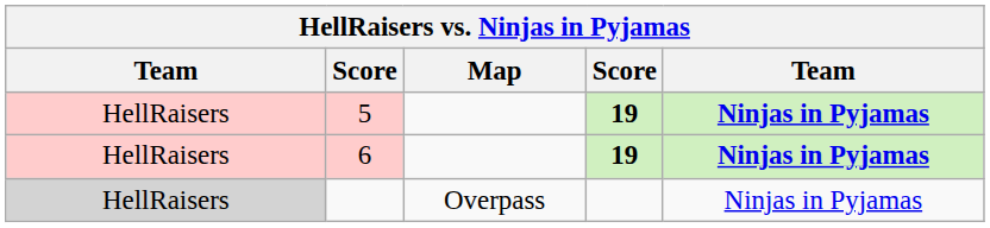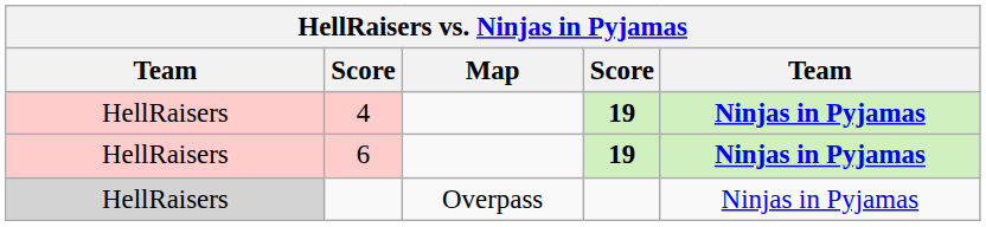 <table class="wikitable" style="text-align: center;">
 <tr>
 <th colspan=5>HellRaisers vs.   <a href='#'>Ninjas in Pyjamas</a></th>
 </tr>
 <tr>
 <th width="181px">Team</th>
 <th width="20px">Score</th>
 <th width="100px">Map</th>
 <th width="20px">Score</th>
 <th width="181px">Team</th>
 </tr>
 <tr>
 <td style="background: #FFCCCC;">HellRaisers</td>
-<td style="background: #FFCCCC;">5</td>
+<td style="background: #FFCCCC;">4</td>
 <td></td>
 <td style="background: #D0F0C0;"><strong>19</strong></td>
 <td style="background: #D0F0C0;"><strong><a href='#'>Ninjas in Pyjamas</a></strong></td>
 </tr>
 <tr>
 <td style="background: #FFCCCC;">HellRaisers</td>
 <td style="background: #FFCCCC;">6</td>
 <td></td>
 <td style="background: #D0F0C0;"><strong>19</strong></td>
 <td style="background: #D0F0C0;"><strong><a href='#'>Ninjas in Pyjamas</a></strong></td>
 </tr>
 <tr>
 <td style="background: lightgrey;">HellRaisers</td>
 <td></td>
 <td>Overpass</td>
 <td></td>
 <td><a href='#'>Ninjas in Pyjamas</a></td>
 </tr>
 </table>
